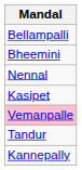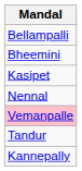 <table class="wikitable sortable static-row-numbers static-row-header-hash">
 <tr>
 <th>Mandal</th>
 </tr>
 <tr>
 <td><a href='#'>Bellampalli</a></td>
 </tr>
 <tr>
 <td><a href='#'>Bheemini</a></td>
 </tr>
 <tr>
-<td><a href='#'>Nennal</a></td>
+<td><a href='#'>Kasipet</a></td>
 </tr>
 <tr>
-<td><a href='#'>Kasipet</a></td>
+<td><a href='#'>Nennal</a></td>
 </tr>
 <tr>
 <td style="background: pink;"><a href='#'>Vemanpalle</a></td>
 </tr>
 <tr>
 <td><a href='#'>Tandur</a></td>
 </tr>
 <tr>
 <td><a href='#'>Kannepally</a></td>
 </tr>
 </table>
